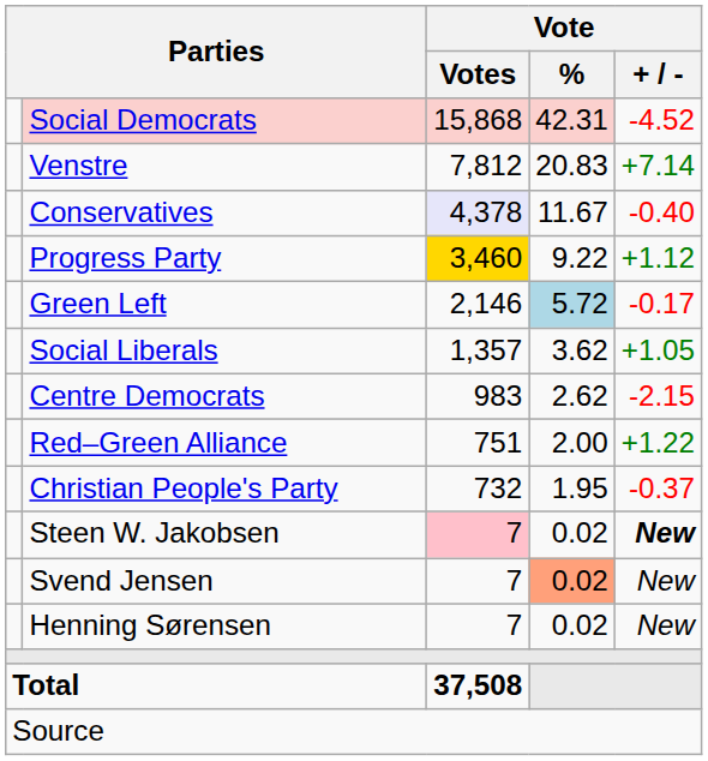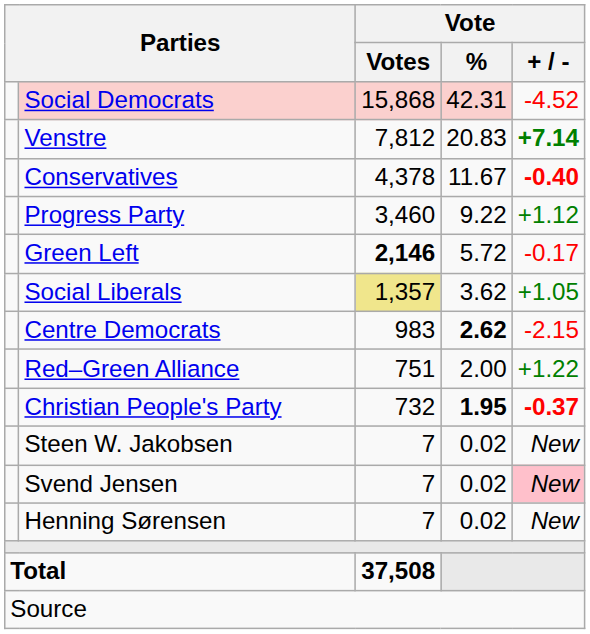 <table class="wikitable" style="text-align:right;">
 <tr>
 <th style="text-align:centre;" rowspan="2" colspan="2" width="225">Parties</th>
 <th colspan="3">Vote</th>
 </tr>
 <tr>
 <th width="15">Votes</th>
 <th width="15">%</th>
 <th width="15">+ / -</th>
 </tr>
 <tr>
 <td width="2" style="color:inherit;background:"></td>
 <td bgcolor=#fbd0ce  align="left"><a href='#'>Social Democrats</a></td>
 <td bgcolor=#fbd0ce>15,868</td>
 <td bgcolor=#fbd0ce>42.31</td>
 <td style=color:red;>-4.52</td>
 </tr>
 <tr>
 <td width="2" style="color:inherit;background:"></td>
 <td align="left"><a href='#'>Venstre</a></td>
 <td>7,812</td>
 <td>20.83</td>
-<td style=color:green;>+7.14</td>
+<td style=color:green;><strong>+7.14</strong></td>
 </tr>
 <tr>
 <td width="2" style="color:inherit;background:"></td>
 <td align="left"><a href='#'>Conservatives</a></td>
-<td style="background: lavender;">4,378</td>
+<td>4,378</td>
 <td>11.67</td>
-<td style=color:red;>-0.40</td>
+<td style=color:red;><strong>-0.40</strong></td>
 </tr>
 <tr>
 <td width="2" style="color:inherit;background:"></td>
 <td align="left"><a href='#'>Progress Party</a></td>
-<td style="background: gold;">3,460</td>
+<td>3,460</td>
 <td>9.22</td>
 <td style=color:green;>+1.12</td>
 </tr>
 <tr>
 <td width="2" style="color:inherit;background:"></td>
 <td align="left"><a href='#'>Green Left</a></td>
-<td>2,146</td>
-<td style="background: lightblue;">5.72</td>
+<td><strong>2,146</strong></td>
+<td>5.72</td>
 <td style=color:red;>-0.17</td>
 </tr>
 <tr>
 <td width="2" style="color:inherit;background:"></td>
 <td align="left"><a href='#'>Social Liberals</a></td>
-<td>1,357</td>
+<td style="background: khaki;">1,357</td>
 <td>3.62</td>
 <td style=color:green;>+1.05</td>
 </tr>
 <tr>
 <td width="2" style="color:inherit;background:"></td>
 <td align="left"><a href='#'>Centre Democrats</a></td>
 <td>983</td>
-<td>2.62</td>
+<td><strong>2.62</strong></td>
 <td style=color:red;>-2.15</td>
 </tr>
 <tr>
 <td width="2" style="color:inherit;background:"></td>
 <td align="left"><a href='#'>Red–Green Alliance</a></td>
 <td>751</td>
 <td>2.00</td>
 <td style=color:green;>+1.22</td>
 </tr>
 <tr>
 <td width="2" style="color:inherit;background:"></td>
 <td align="left"><a href='#'>Christian People's Party</a></td>
 <td>732</td>
-<td>1.95</td>
-<td style=color:red;>-0.37</td>
+<td><strong>1.95</strong></td>
+<td style=color:red;><strong>-0.37</strong></td>
 </tr>
 <tr>
 <td width="2" style="color:inherit;background:"></td>
 <td align="left">Steen W. Jakobsen</td>
-<td style="background: pink;">7</td>
+<td>7</td>
 <td>0.02</td>
-<td><strong><em>New</em></strong></td>
+<td><em>New</em></td>
 </tr>
 <tr>
 <td width="2" style="color:inherit;background:"></td>
 <td align="left">Svend Jensen</td>
 <td>7</td>
-<td style="background: lightsalmon;">0.02</td>
-<td><em>New</em></td>
+<td>0.02</td>
+<td style="background: pink;"><em>New</em></td>
 </tr>
 <tr>
 <td width="2" style="color:inherit;background:"></td>
 <td align="left">Henning Sørensen</td>
 <td>7</td>
 <td>0.02</td>
 <td><em>New</em></td>
 </tr>
 <tr>
 <td colspan="7" bgcolor="#E9E9E9"></td>
 </tr>
 <tr>
 <td align="left" colspan="2"><strong>Total</strong></td>
 <td><strong>37,508</strong></td>
 <td bgcolor="#E9E9E9" colspan="2"></td>
 </tr>
 <tr>
 <td align="left" colspan="6">Source</td>
 </tr>
 </table>
